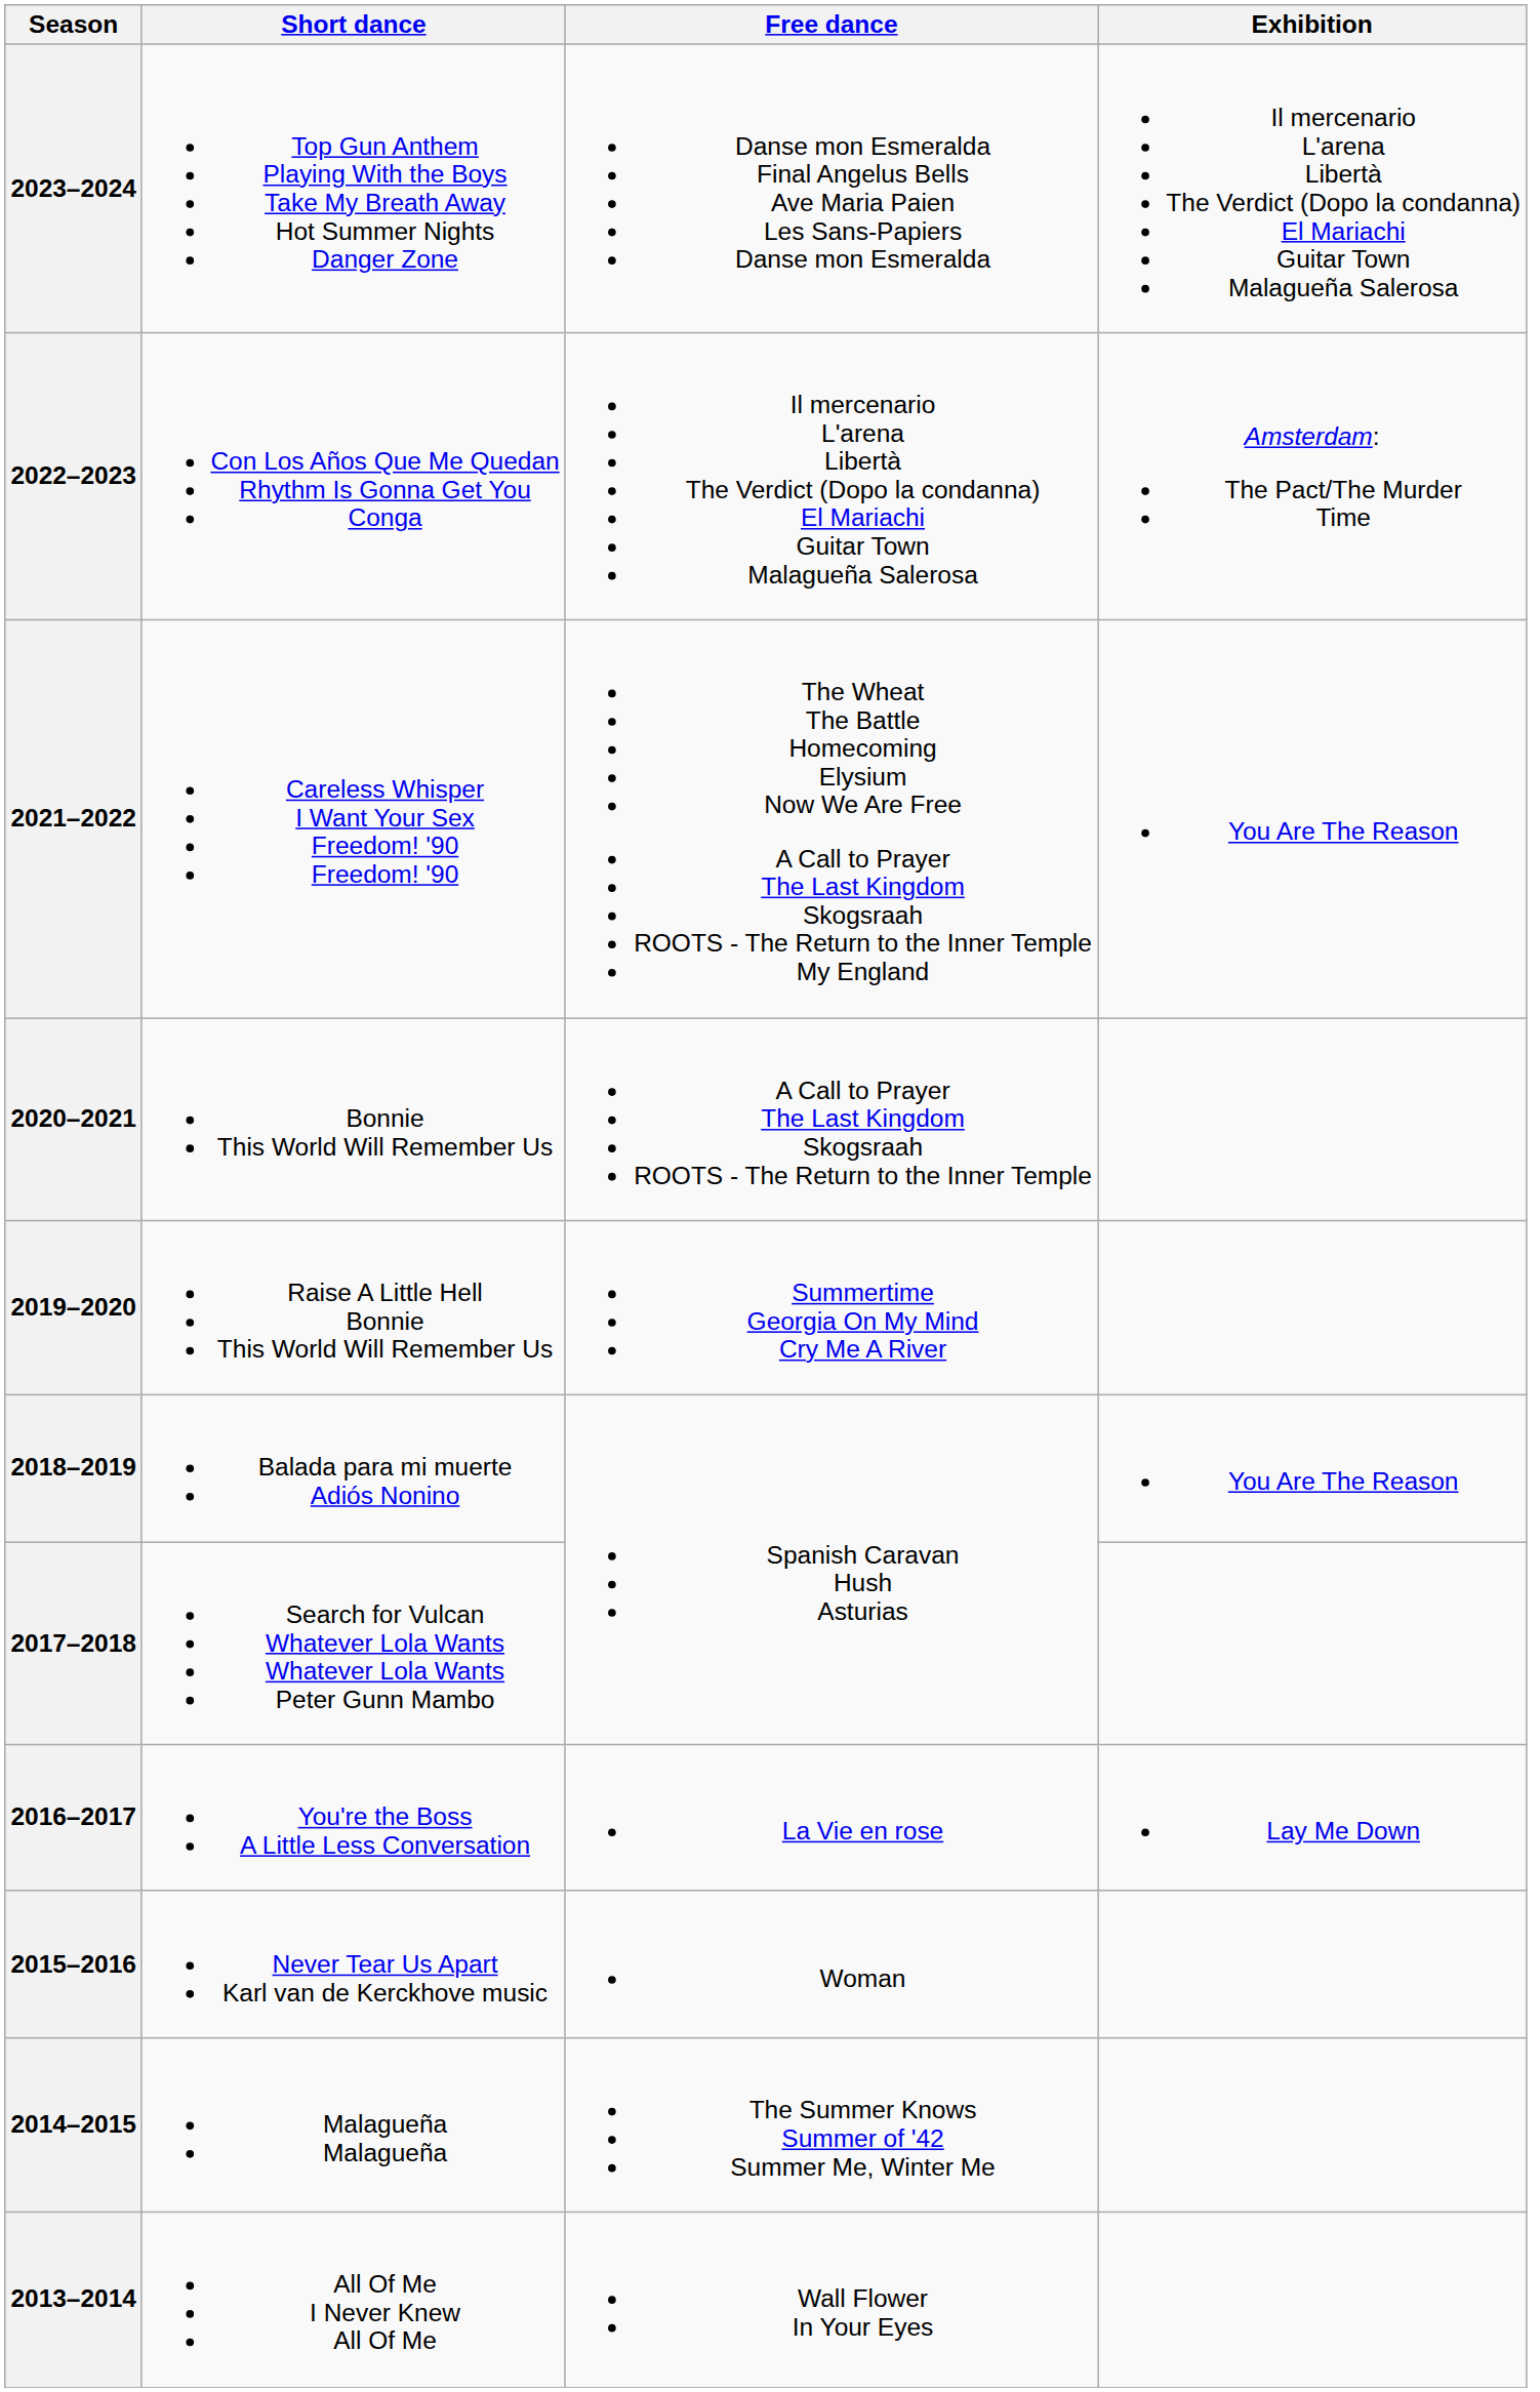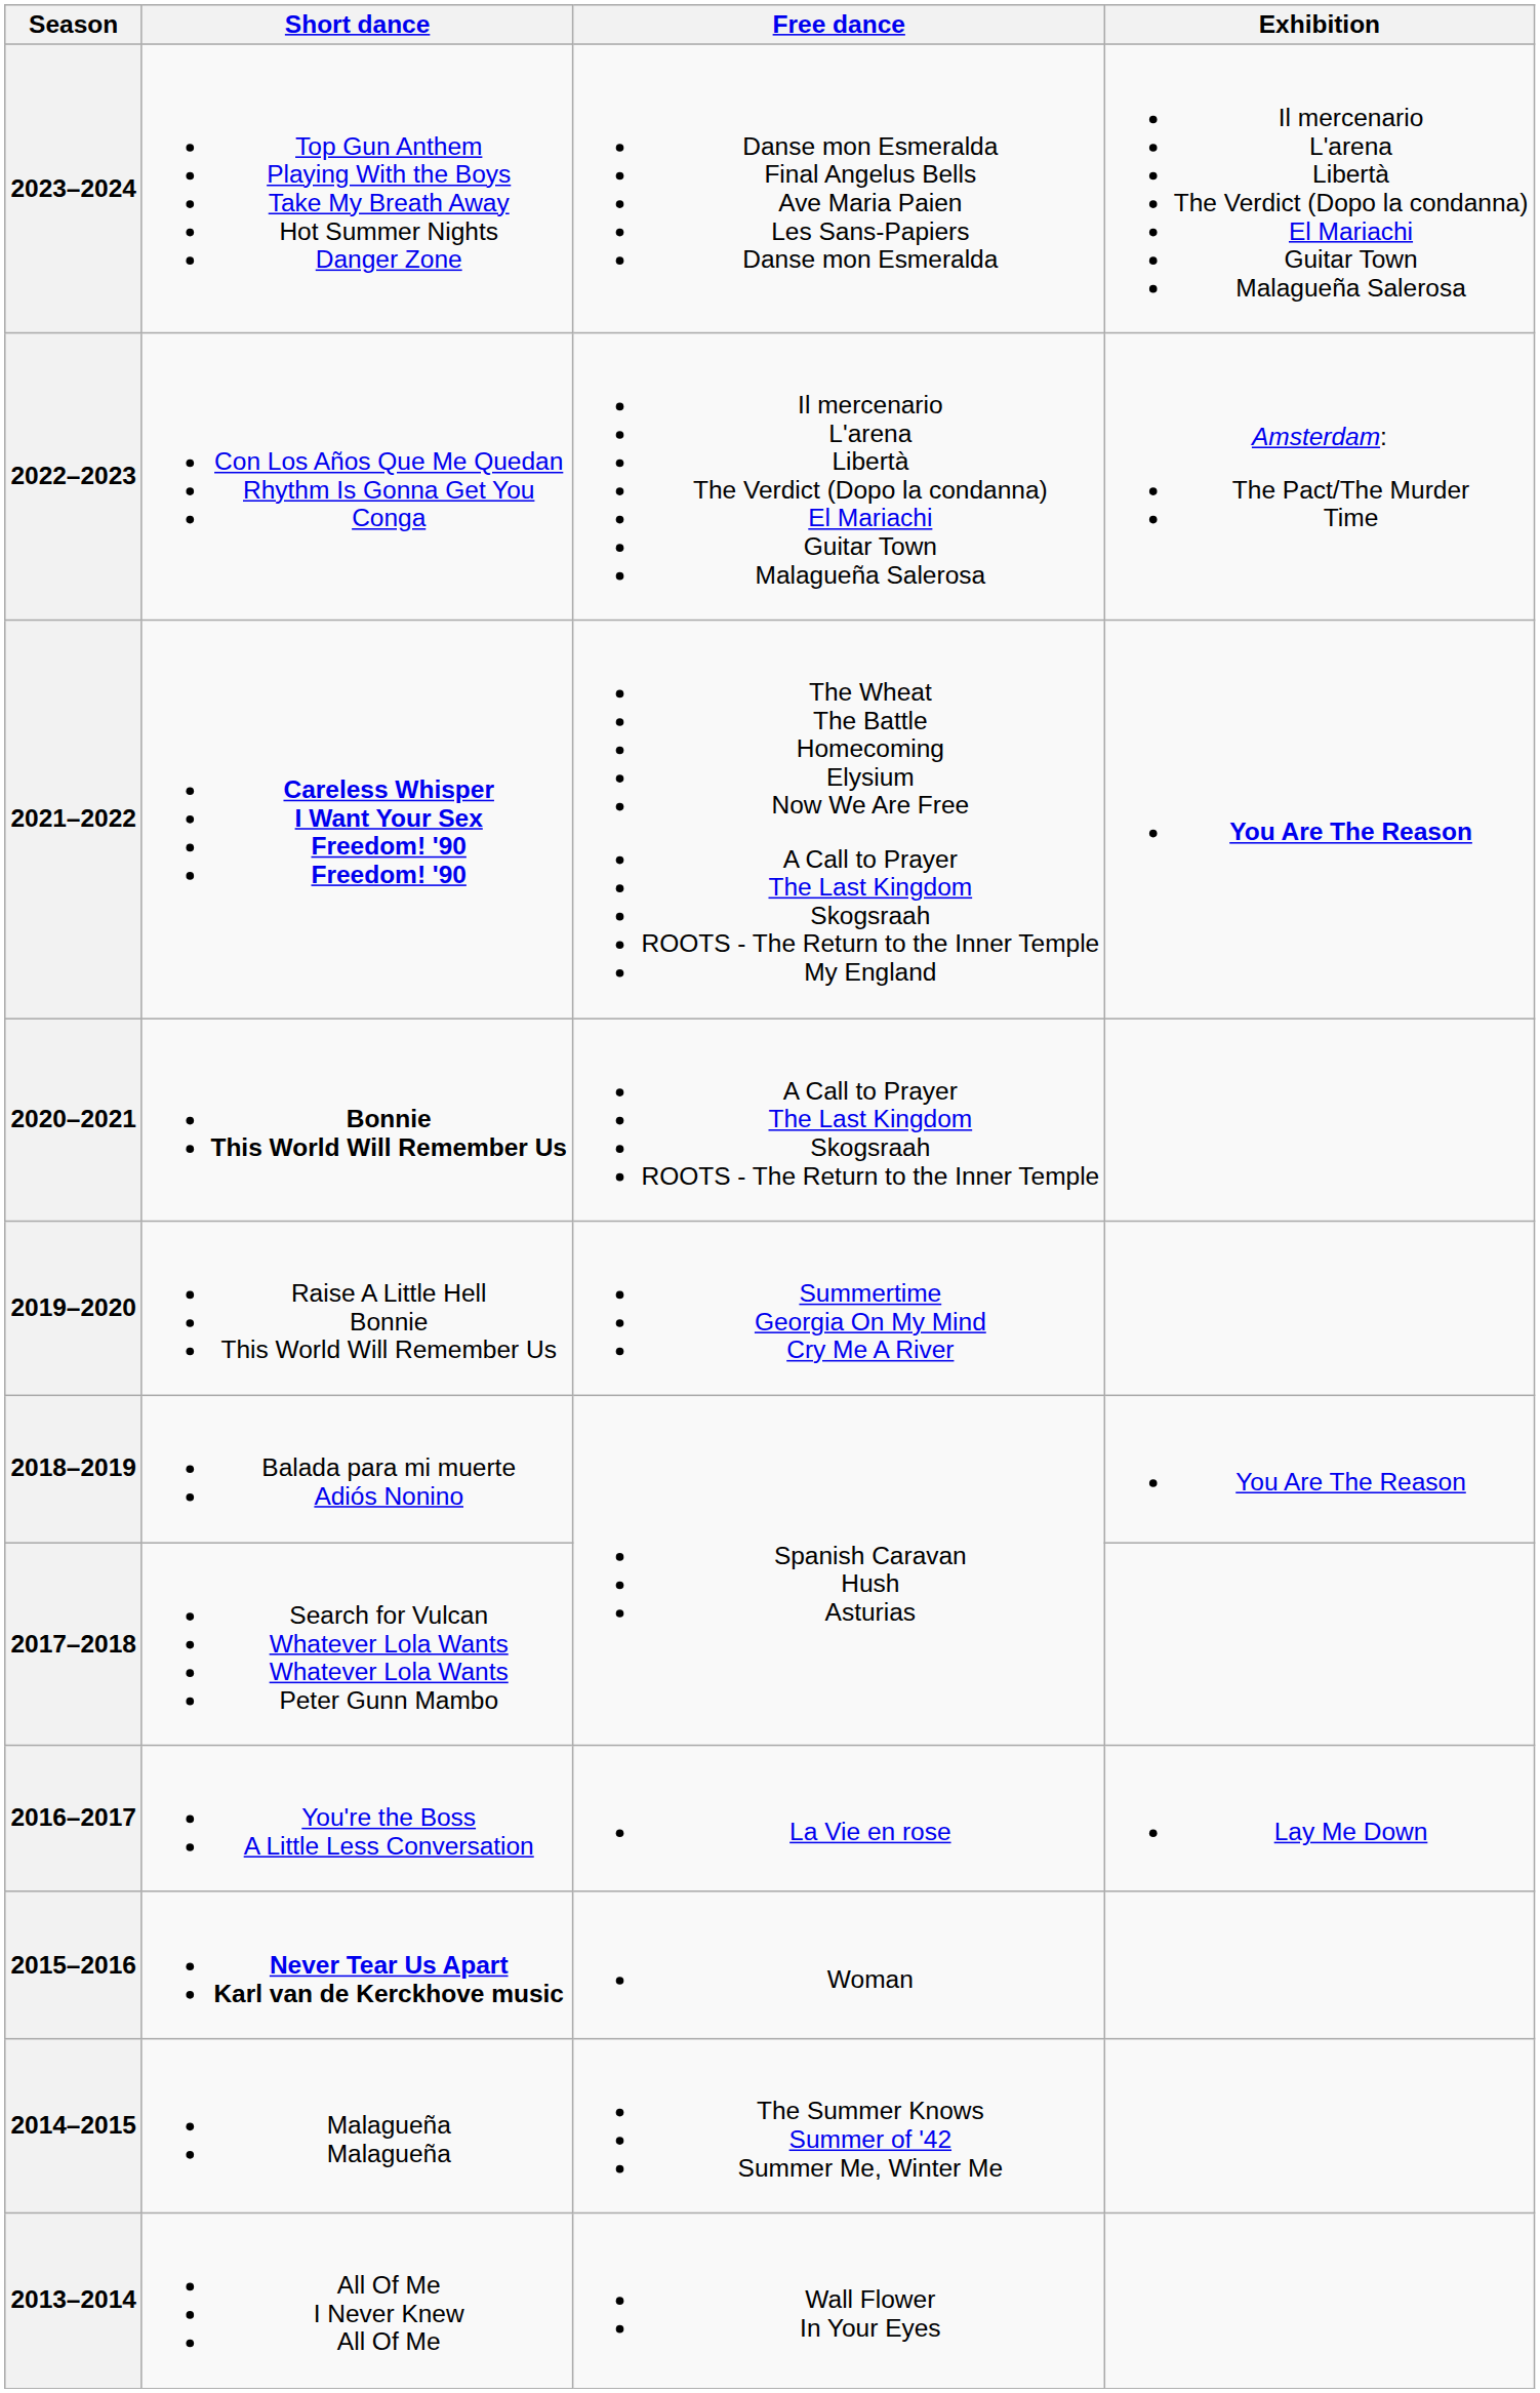 <table class=wikitable style=text-align:center>
 <tr>
 <th>Season</th>
 <th><a href='#'>Short dance</a></th>
 <th><a href='#'>Free dance</a></th>
 <th>Exhibition</th>
 </tr>
 <tr>
 <th>2023–2024 <br> </th>
 <td><br><ul><li><a href='#'>Top Gun Anthem</a> <br> </li><li><a href='#'>Playing With the Boys</a> <br> </li><li><a href='#'>Take My Breath Away</a> <br> </li><li>Hot Summer Nights <br> </li><li><a href='#'>Danger Zone</a> <br> </li></ul></td>
 <td><br><ul><li>Danse mon Esmeralda <br> </li><li>Final Angelus Bells <br> </li><li>Ave Maria Paien <br> </li><li>Les Sans-Papiers <br> </li><li>Danse mon Esmeralda <br> </li></ul></td>
 <td><br><ul><li>Il mercenario</li><li>L'arena</li><li>Libertà <br> </li><li>The Verdict (Dopo la condanna) <br></li><li><a href='#'>El Mariachi</a> <br> </li><li>Guitar Town <br></li><li>Malagueña Salerosa <br> </li></ul></td>
 </tr>
 <tr>
 <th>2022–2023 <br> </th>
 <td><br><ul><li> <a href='#'>Con Los Años Que Me Quedan</a></li><li> <a href='#'>Rhythm Is Gonna Get You</a></li><li> <a href='#'>Conga</a> </li></ul></td>
 <td><br><ul><li>Il mercenario</li><li>L'arena</li><li>Libertà <br> </li><li>The Verdict (Dopo la condanna) <br></li><li><a href='#'>El Mariachi</a> <br> </li><li>Guitar Town <br></li><li>Malagueña Salerosa <br> </li></ul></td>
 <td><br><em><a href='#'>Amsterdam</a></em>:<ul><li>The Pact/The Murder <br></li><li>Time <br></li></ul></td>
 </tr>
 <tr>
 <th>2021–2022 <br> </th>
-<td><br><ul><li> <a href='#'>Careless Whisper</a></li><li> <a href='#'>I Want Your Sex</a></li><li> <a href='#'>Freedom! '90</a> </li><li> <a href='#'>Freedom! '90</a> </li></ul></td>
+<td><strong><br><ul><li> <a href='#'>Careless Whisper</a></li><li> <a href='#'>I Want Your Sex</a></li><li> <a href='#'>Freedom! '90</a> </li><li> <a href='#'>Freedom! '90</a> </li></ul></strong></td>
 <td><br><ul><li>The Wheat</li><li>The Battle</li><li>Homecoming</li><li>Elysium</li><li>Now We Are Free <br> </li></ul><ul><li>A Call to Prayer <br></li><li><a href='#'>The Last Kingdom</a> <br></li><li>Skogsraah <br></li><li>ROOTS - The Return to the Inner Temple <br></li><li>My England <br> </li></ul></td>
-<td><br><ul><li><a href='#'>You Are The Reason</a> <br></li></ul></td>
+<td><strong><br><ul><li><a href='#'>You Are The Reason</a> <br></li></ul></strong></td>
 </tr>
 <tr>
 <th>2020–2021 <br> </th>
-<td><br><ul><li> Bonnie</li><li> This World Will Remember Us <br></li></ul></td>
+<td><strong><br><ul><li> Bonnie</li><li> This World Will Remember Us <br></li></ul></strong></td>
 <td><br><ul><li>A Call to Prayer <br></li><li><a href='#'>The Last Kingdom</a> <br></li><li>Skogsraah <br></li><li>ROOTS - The Return to the Inner Temple <br></li></ul></td>
 <td></td>
 </tr>
 <tr>
 <th>2019–2020 <br> </th>
 <td><br><ul><li> Raise A Little Hell</li><li> Bonnie</li><li> This World Will Remember Us <br></li></ul></td>
 <td><br><ul><li><a href='#'>Summertime</a> <br></li><li><a href='#'>Georgia On My Mind</a> <br></li><li><a href='#'>Cry Me A River</a> <br></li></ul></td>
 <td></td>
 </tr>
 <tr>
 <th>2018–2019 <br> </th>
 <td><br><ul><li> Balada para mi muerte <br></li><li> <a href='#'>Adiós Nonino</a> <br></li></ul></td>
 <td rowspan=2><br><ul><li>Spanish Caravan <br></li><li>Hush <br></li><li>Asturias <br></li></ul></td>
 <td><br><ul><li><a href='#'>You Are The Reason</a> <br></li></ul></td>
 </tr>
 <tr>
 <th>2017–2018 <br> </th>
 <td><br><ul><li> Search for Vulcan <br></li><li> <a href='#'>Whatever Lola Wants</a> <br></li><li> <a href='#'>Whatever Lola Wants</a> <br></li><li> Peter Gunn Mambo <br></li></ul></td>
 <td></td>
 </tr>
 <tr>
 <th>2016–2017 <br> </th>
 <td><br><ul><li><a href='#'>You're the Boss</a> <br></li><li><a href='#'>A Little Less Conversation</a> <br></li></ul></td>
 <td><br><ul><li><a href='#'>La Vie en rose</a> <br></li></ul></td>
 <td><br><ul><li><a href='#'>Lay Me Down</a><br></li></ul></td>
 </tr>
 <tr>
 <th>2015–2016 <br> </th>
-<td><br><ul><li> <a href='#'>Never Tear Us Apart</a> <br></li><li> Karl van de Kerckhove music</li></ul></td>
+<td><strong><br><ul><li> <a href='#'>Never Tear Us Apart</a> <br></li><li> Karl van de Kerckhove music</li></ul></strong></td>
 <td><br><ul><li>Woman <br></li></ul></td>
 <td></td>
 </tr>
 <tr>
 <th>2014–2015 <br> </th>
 <td><br><ul><li> Malagueña <br></li><li> Malagueña <br></li></ul></td>
 <td><br><ul><li>The Summer Knows <br></li><li><a href='#'>Summer of '42</a> <br></li><li>Summer Me, Winter Me <br></li></ul></td>
 <td></td>
 </tr>
 <tr>
 <th>2013–2014 <br> </th>
 <td><br><ul><li> All Of Me <br></li><li> I Never Knew <br></li><li> All Of Me <br></li></ul></td>
 <td><br><ul><li>Wall Flower <br></li><li>In Your Eyes <br></li></ul></td>
 <td></td>
 </tr>
 </table>
